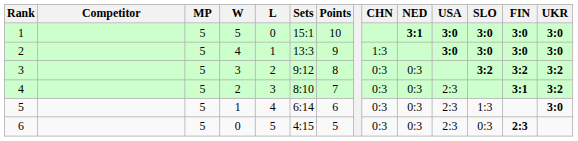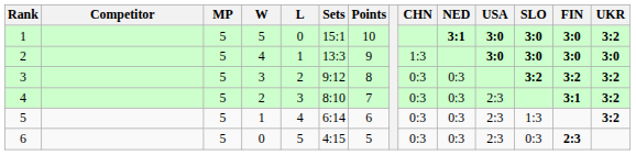 <table class="wikitable" style="text-align:center">
 <tr>
 <th>Rank</th>
 <th style="width:12em">Competitor</th>
 <th style="width:2.5em">MP</th>
 <th style="width:2.5em">W</th>
 <th style="width:2.5em">L</th>
 <th>Sets</th>
 <th style="width:2.5em">Points</th>
 <th rowspan="7"> </th>
 <th style="width:2.5em">CHN</th>
 <th style="width:2.5em">NED</th>
 <th style="width:2.5em">USA</th>
 <th style="width:2.5em">SLO</th>
 <th style="width:2.5em">FIN</th>
 <th style="width:2.5em">UKR</th>
 </tr>
 <tr style="background:#cfc;">
 <td>1</td>
 <td style="text-align:left"></td>
 <td>5</td>
 <td>5</td>
 <td>0</td>
 <td>15:1</td>
 <td>10</td>
 <td></td>
 <td><strong>3:1</strong></td>
 <td><strong>3:0</strong></td>
 <td><strong>3:0</strong></td>
 <td><strong>3:0</strong></td>
-<td><strong>3:0</strong></td>
+<td><strong>3:2</strong></td>
 </tr>
 <tr style="background:#cfc;">
 <td>2</td>
 <td style="text-align:left"></td>
 <td>5</td>
 <td>4</td>
 <td>1</td>
 <td>13:3</td>
 <td>9</td>
 <td>1:3</td>
 <td></td>
 <td><strong>3:0</strong></td>
 <td><strong>3:0</strong></td>
 <td><strong>3:0</strong></td>
 <td><strong>3:0</strong></td>
 </tr>
 <tr style="background:#cfc;">
 <td>3</td>
 <td style="text-align:left"></td>
 <td>5</td>
 <td>3</td>
 <td>2</td>
 <td>9:12</td>
 <td>8</td>
 <td>0:3</td>
 <td>0:3</td>
 <td></td>
 <td><strong>3:2</strong></td>
 <td><strong>3:2</strong></td>
 <td><strong>3:2</strong></td>
 </tr>
 <tr style="background:#cfc;">
 <td>4</td>
 <td style="text-align:left"></td>
 <td>5</td>
 <td>2</td>
 <td>3</td>
 <td>8:10</td>
 <td>7</td>
 <td>0:3</td>
 <td>0:3</td>
 <td>2:3</td>
 <td></td>
 <td><strong>3:1</strong></td>
 <td><strong>3:2</strong></td>
 </tr>
 <tr>
 <td>5</td>
 <td style="text-align:left"></td>
 <td>5</td>
 <td>1</td>
 <td>4</td>
 <td>6:14</td>
 <td>6</td>
 <td>0:3</td>
 <td>0:3</td>
 <td>2:3</td>
 <td>1:3</td>
 <td></td>
-<td><strong>3:0</strong></td>
+<td><strong>3:2</strong></td>
 </tr>
 <tr>
 <td>6</td>
 <td style="text-align:left"></td>
 <td>5</td>
 <td>0</td>
 <td>5</td>
 <td>4:15</td>
 <td>5</td>
 <td>0:3</td>
 <td>0:3</td>
 <td>2:3</td>
 <td>0:3</td>
 <td><strong>2:3</strong></td>
 <td></td>
 </tr>
 </table>
